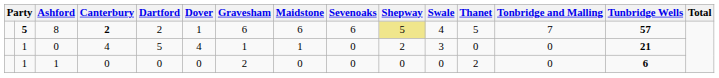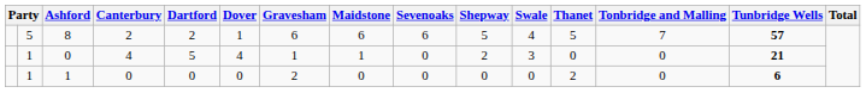 <table class="wikitable" style="text-align:center;">
 <tr>
 <th ! colspan=2>Party</th>
 <th><a href='#'>Ashford</a></th>
 <th><a href='#'>Canterbury</a></th>
 <th><a href='#'>Dartford</a></th>
 <th><a href='#'>Dover</a></th>
 <th><a href='#'>Gravesham</a></th>
 <th><a href='#'>Maidstone</a></th>
 <th><a href='#'>Sevenoaks</a></th>
 <th><a href='#'>Shepway</a></th>
 <th><a href='#'>Swale</a></th>
 <th><a href='#'>Thanet</a></th>
 <th><a href='#'>Tonbridge and Malling</a></th>
 <th><a href='#'>Tunbridge Wells</a></th>
 <th>Total</th>
 </tr>
 <tr>
 <td></td>
-<td><strong>5</strong></td>
+<td>5</td>
 <td>8</td>
-<td><strong>2</strong></td>
+<td>2</td>
 <td>2</td>
 <td>1</td>
 <td>6</td>
 <td>6</td>
 <td>6</td>
-<td style="background: khaki;">5</td>
+<td>5</td>
 <td>4</td>
 <td>5</td>
 <td>7</td>
 <td><strong>57</strong></td>
 </tr>
 <tr>
 <td></td>
 <td>1</td>
 <td>0</td>
 <td>4</td>
 <td>5</td>
 <td>4</td>
 <td>1</td>
 <td>1</td>
 <td>0</td>
 <td>2</td>
 <td>3</td>
 <td>0</td>
 <td>0</td>
 <td><strong>21</strong></td>
 </tr>
 <tr>
 <td></td>
 <td>1</td>
 <td>1</td>
 <td>0</td>
 <td>0</td>
 <td>0</td>
 <td>2</td>
 <td>0</td>
 <td>0</td>
 <td>0</td>
 <td>0</td>
 <td>2</td>
 <td>0</td>
 <td><strong>6</strong></td>
 </tr>
 </table>
